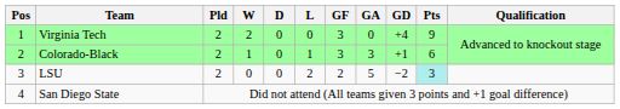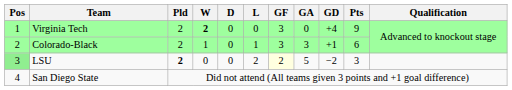 <table class="wikitable" style="text-align:center; margin: 1em auto">
 <tr>
 <th style="width:2em">Pos</th>
 <th style="width:13em">Team</th>
 <th style="width:2em">Pld</th>
 <th style="width:2em">W</th>
 <th style="width:2em">D</th>
 <th style="width:2em">L</th>
 <th style="width:2em">GF</th>
 <th style="width:2em">GA</th>
 <th style="width:2em">GD</th>
 <th style="width:2em">Pts</th>
 <th style="width:13em">Qualification</th>
 </tr>
 <tr bgcolor="#9eff9e">
 <td>1</td>
 <td style="text-align:left">Virginia Tech</td>
 <td>2</td>
-<td>2</td>
+<td><strong>2</strong></td>
 <td>0</td>
 <td>0</td>
 <td>3</td>
 <td>0</td>
 <td>+4</td>
 <td>9</td>
 <td rowspan="2">Advanced to knockout stage</td>
 </tr>
 <tr bgcolor="#9eff9e">
 <td>2</td>
 <td style="text-align:left">Colorado-Black</td>
 <td>2</td>
 <td>1</td>
 <td>0</td>
 <td>1</td>
 <td>3</td>
 <td>3</td>
 <td>+1</td>
 <td>6</td>
 </tr>
 <tr>
-<td>3</td>
+<td style="background: lightgreen;">3</td>
 <td style="text-align:left">LSU</td>
-<td>2</td>
+<td><strong>2</strong></td>
 <td>0</td>
 <td>0</td>
 <td>2</td>
-<td>2</td>
+<td style="background: lightyellow;">2</td>
 <td>5</td>
 <td>−2</td>
-<td style="background: paleturquoise;">3</td>
+<td>3</td>
 <td></td>
 </tr>
 <tr>
 <td>4</td>
 <td style="text-align:left">San Diego State</td>
 <td colspan="9">Did not attend (All teams given 3 points and +1 goal difference)</td>
 </tr>
 </table>
